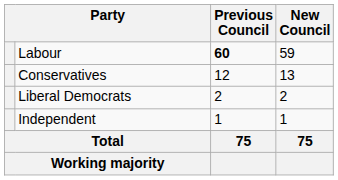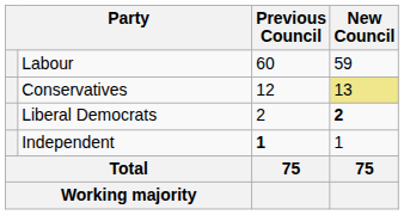 <table class="wikitable">
 <tr>
 <th colspan="2" valign="top" style="width: 230px">Party</th>
 <th valign="top" style="width: 30px">Previous Council</th>
 <th valign="top" style="width: 30px">New Council</th>
 </tr>
 <tr>
 <th style="background-color: "></th>
 <td>Labour</td>
-<td><strong>60</strong></td>
+<td>60</td>
 <td>59</td>
 </tr>
 <tr>
 <th style="background-color: "></th>
 <td>Conservatives</td>
 <td>12</td>
-<td>13</td>
+<td style="background: khaki;">13</td>
 </tr>
 <tr>
 <th style="background-color: "></th>
 <td>Liberal Democrats</td>
 <td>2</td>
-<td>2</td>
+<td><strong>2</strong></td>
 </tr>
 <tr>
 <th style="background-color: "></th>
 <td>Independent</td>
-<td>1</td>
+<td><strong>1</strong></td>
 <td>1</td>
 </tr>
 <tr>
 <th colspan="2">Total</th>
 <th style="text-align: center">75</th>
 <th>75</th>
 </tr>
 <tr>
 <th colspan="2">Working majority</th>
 <th></th>
 <th></th>
 </tr>
 </table>
